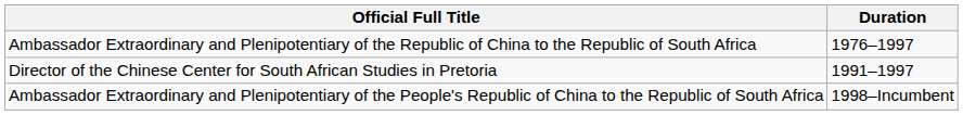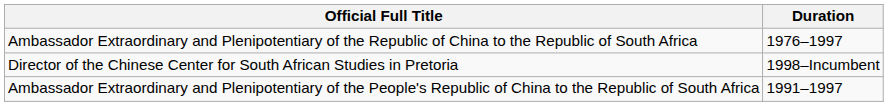 <table class="wikitable" border="1">
 <tr>
 <th>Official Full Title</th>
 <th>Duration</th>
 </tr>
 <tr>
 <td>Ambassador Extraordinary and Plenipotentiary of the Republic of China to the Republic of South Africa</td>
 <td>1976–1997</td>
 </tr>
 <tr>
 <td>Director of the Chinese Center for South African Studies in Pretoria</td>
-<td>1991–1997</td>
+<td>1998–Incumbent</td>
 </tr>
 <tr>
 <td>Ambassador Extraordinary and Plenipotentiary of the People's Republic of China to the Republic of South Africa</td>
-<td>1998–Incumbent</td>
+<td>1991–1997</td>
 </tr>
 </table>
